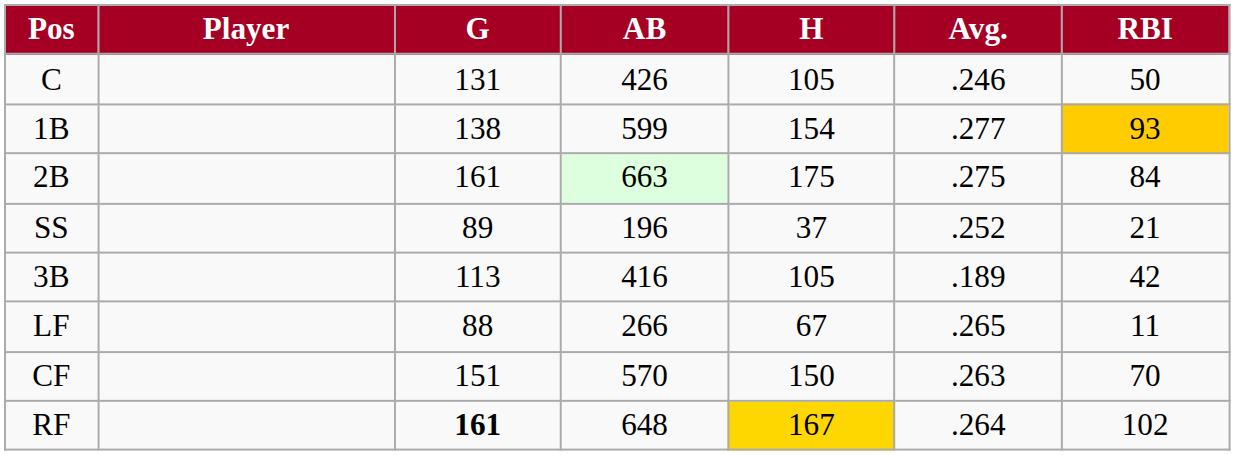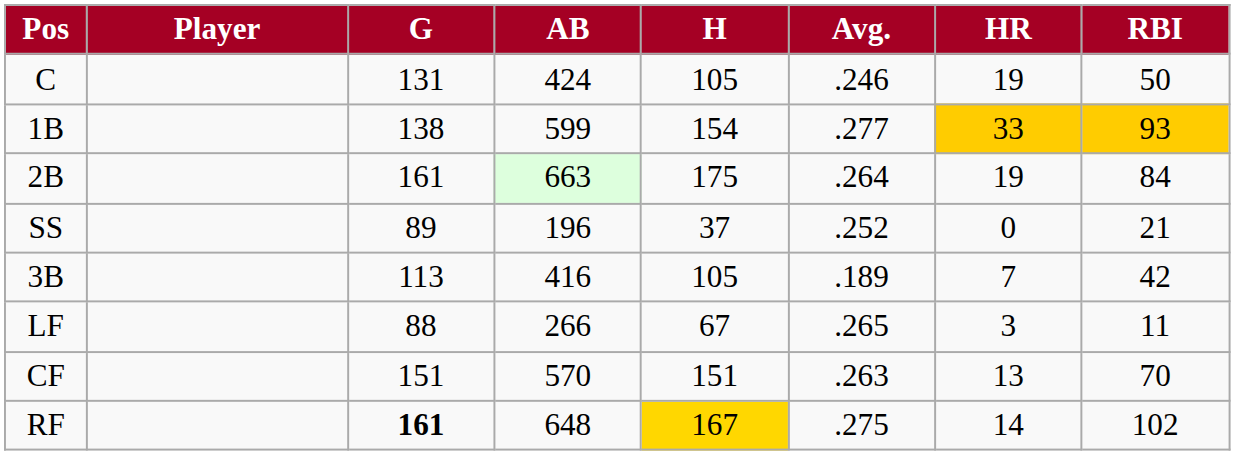 <table class="wikitable sortable">
 <tr>
 <th style="background:#A50024;color:white;" width="5%">Pos</th>
 <th style="background:#A50024;color:white;" width="16%">Player</th>
 <th style="background:#A50024;color:white;" width="9%">G</th>
 <th style="background:#A50024;color:white;" width="9%">AB</th>
 <th style="background:#A50024;color:white;" width="9%">H</th>
 <th style="background:#A50024;color:white;" width="9%">Avg.</th>
+<th style="background:#A50024;color:white;" width="9%">HR</th>
 <th style="background:#A50024;color:white;" width="9%">RBI</th>
 </tr>
 <tr align="center">
 <td>C</td>
 <td></td>
 <td>131</td>
-<td>426</td>
+<td>424</td>
 <td>105</td>
 <td>.246</td>
+<td>19</td>
 <td>50</td>
 </tr>
 <tr align="center">
 <td>1B</td>
 <td></td>
 <td>138</td>
 <td>599</td>
 <td>154</td>
 <td>.277</td>
+<td style="background:#fc0;">33</td>
 <td style="background:#fc0;">93</td>
 </tr>
 <tr align="center">
 <td>2B</td>
 <td></td>
 <td>161</td>
 <td style="background:#DDFFDD;">663</td>
 <td>175</td>
-<td>.275</td>
+<td>.264</td>
+<td>19</td>
 <td>84</td>
 </tr>
 <tr align="center">
 <td>SS</td>
 <td></td>
 <td>89</td>
 <td>196</td>
 <td>37</td>
 <td>.252</td>
+<td>0</td>
 <td>21</td>
 </tr>
 <tr align="center">
 <td>3B</td>
 <td></td>
 <td>113</td>
 <td>416</td>
 <td>105</td>
 <td>.189</td>
+<td>7</td>
 <td>42</td>
 </tr>
 <tr align="center">
 <td>LF</td>
 <td></td>
 <td>88</td>
 <td>266</td>
 <td>67</td>
 <td>.265</td>
+<td>3</td>
 <td>11</td>
 </tr>
 <tr align="center">
 <td>CF</td>
 <td></td>
 <td>151</td>
 <td>570</td>
-<td>150</td>
+<td>151</td>
 <td>.263</td>
+<td>13</td>
 <td>70</td>
 </tr>
 <tr align="center">
 <td>RF</td>
 <td></td>
 <td><strong>161</strong></td>
 <td>648</td>
 <td style="background: gold;">167</td>
-<td>.264</td>
+<td>.275</td>
+<td>14</td>
 <td>102</td>
 </tr>
 </table>
